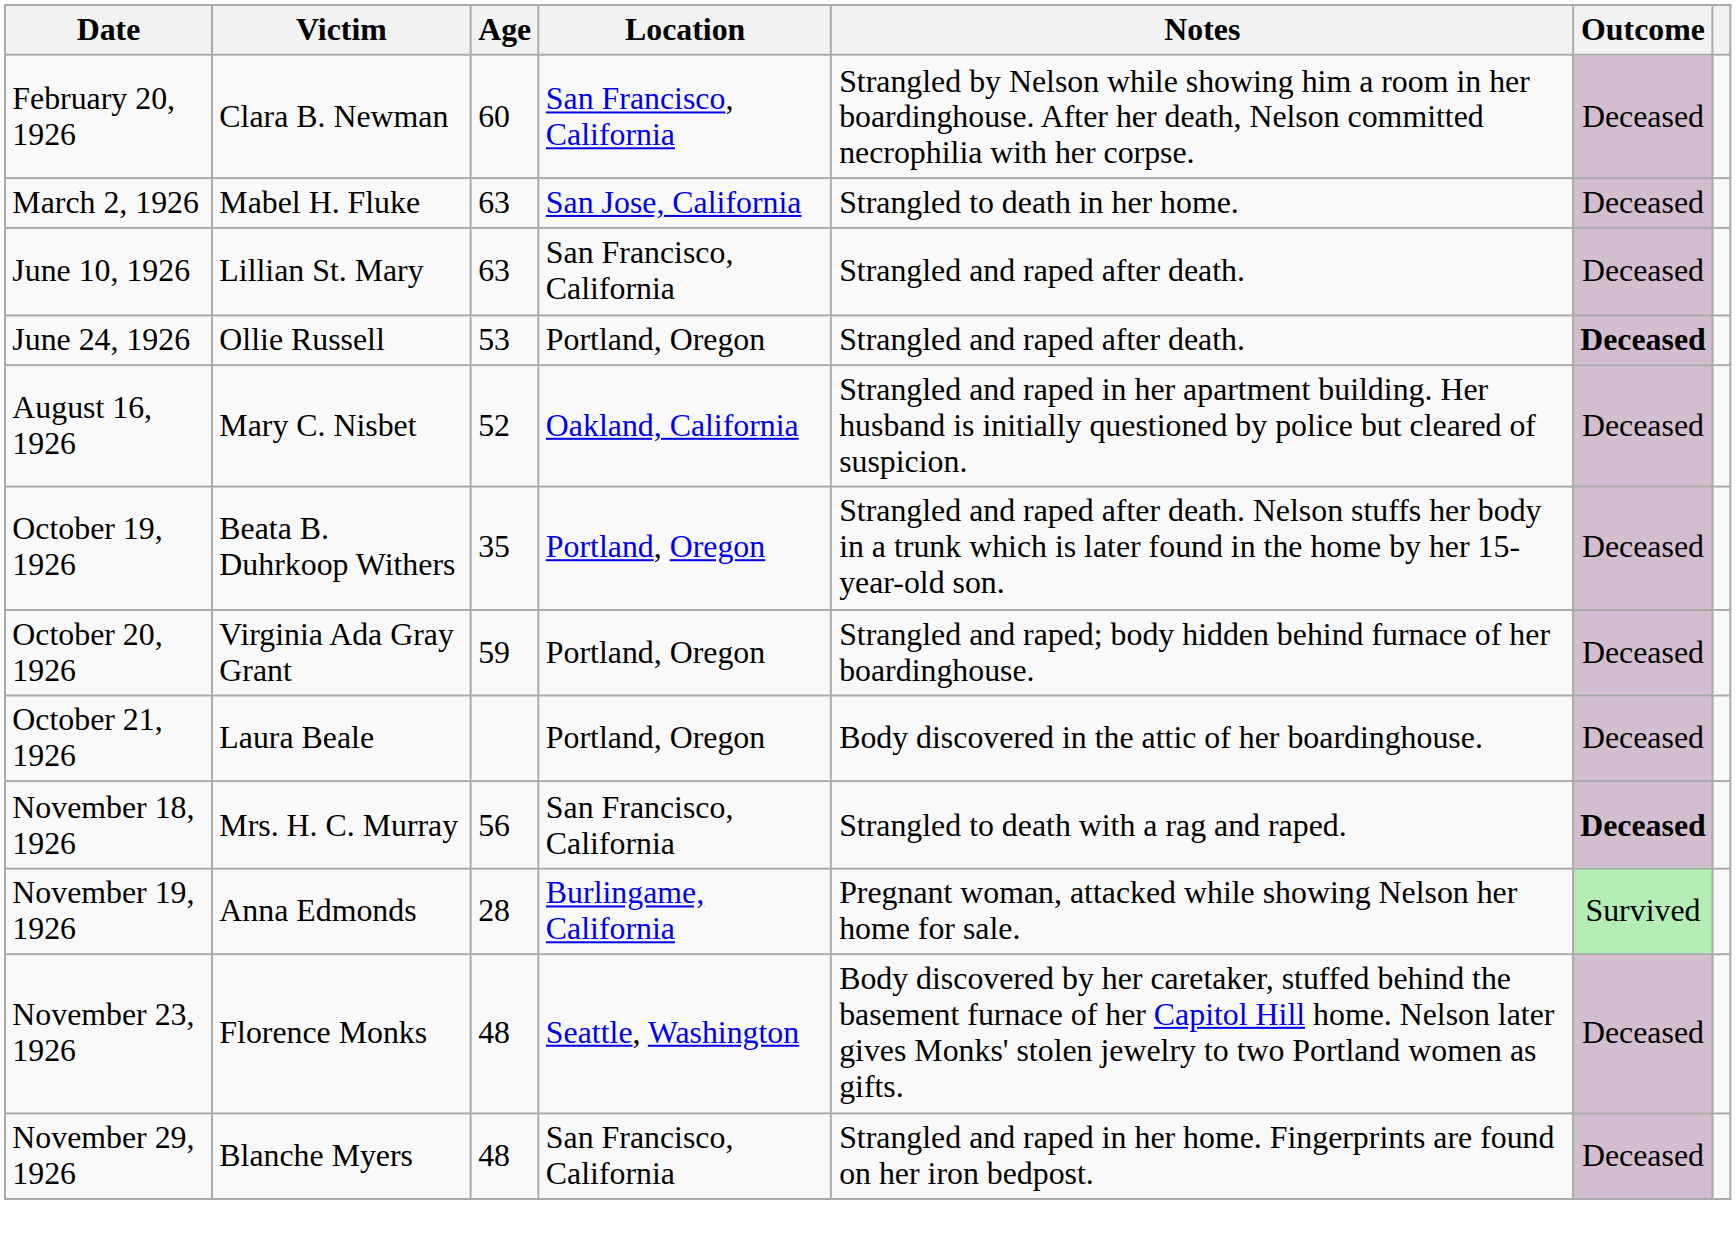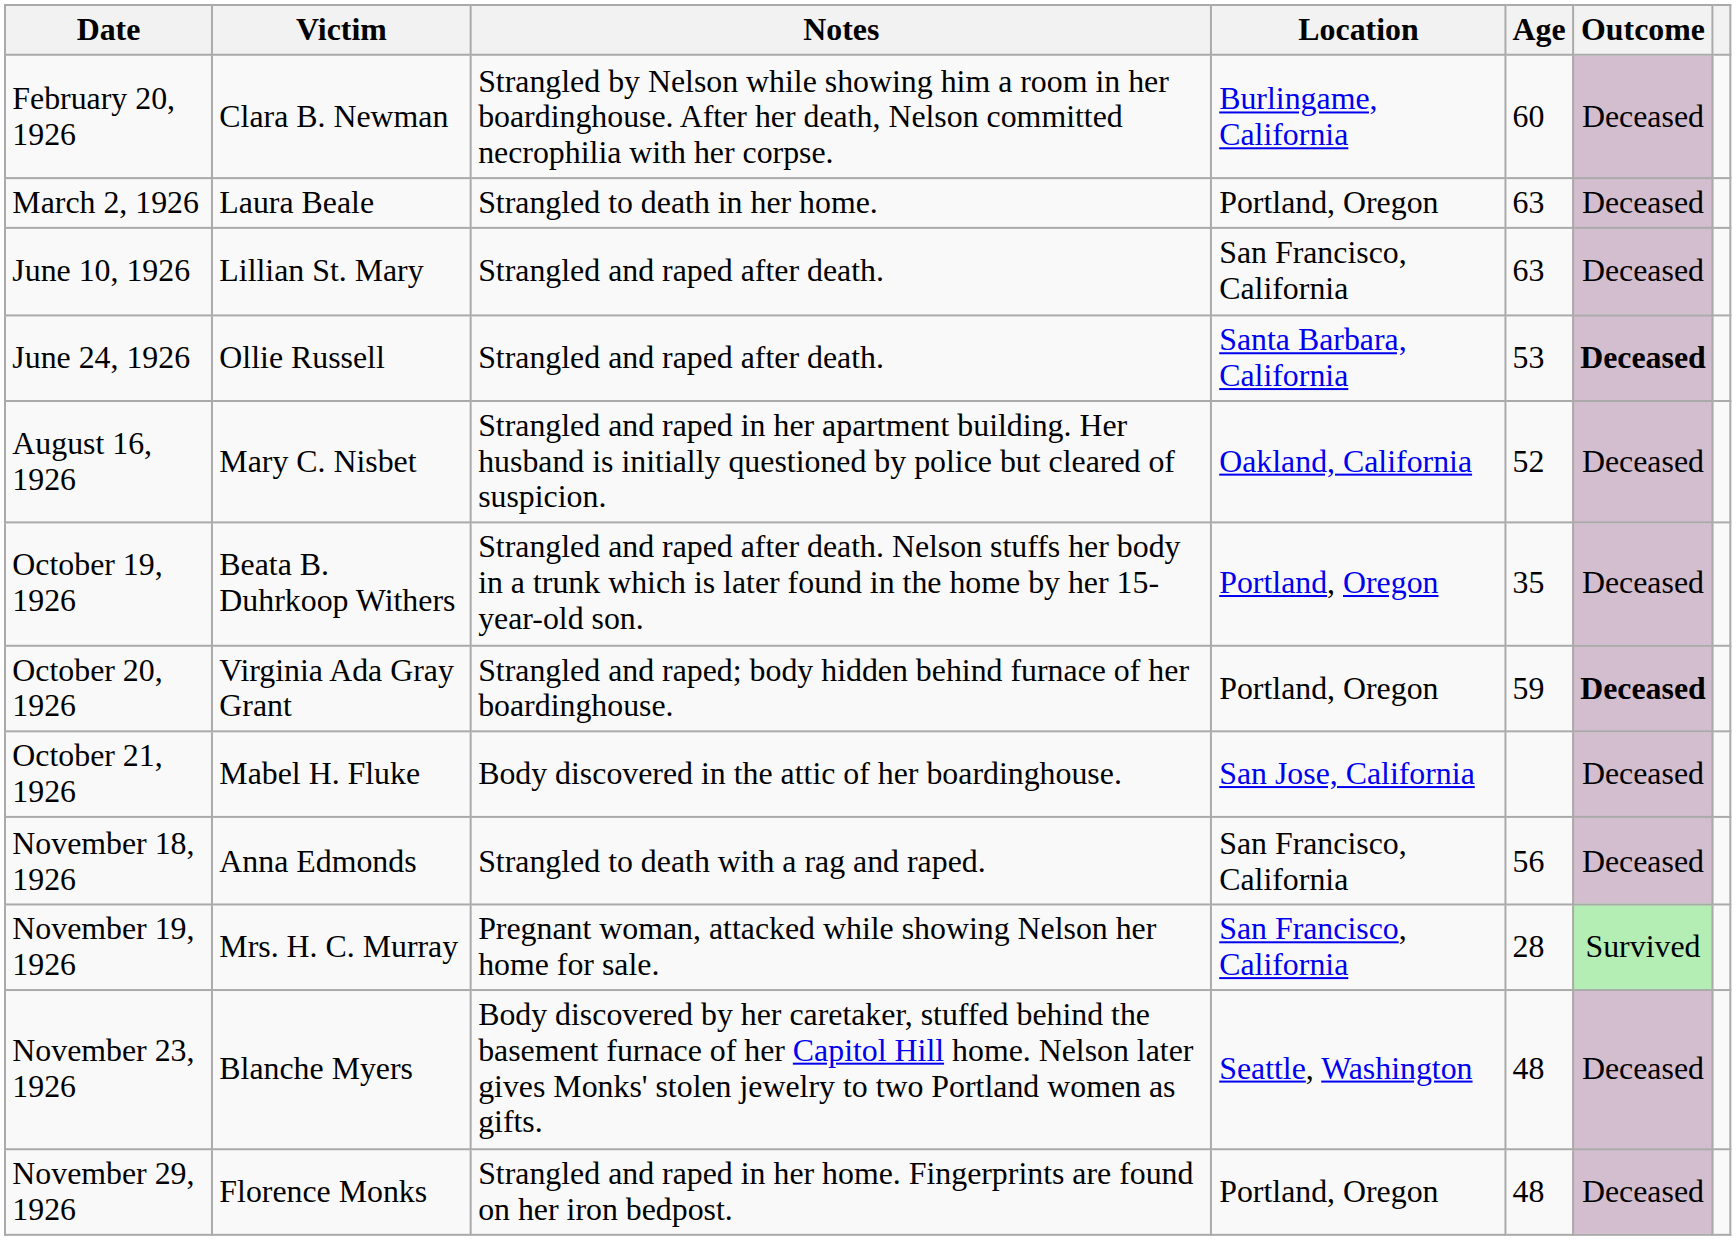 <table class="wikitable sortable">
 <tr>
 <th style="width:12%">Date</th>
 <th style="width:15%">Victim</th>
+<th class="unsortable">Notes</th>
+<th style="width:17%">Location</th>
 <th style="width:1%">Age</th>
-<th style="width:17%">Location</th>
-<th class="unsortable">Notes</th>
 <th style="width:5%">Outcome</th>
 <th class="unsortable" style="width:1%"></th>
 </tr>
 <tr>
 <td>February 20, 1926</td>
 <td>Clara B. Newman</td>
+<td>Strangled by Nelson while showing him a room in her boardinghouse. After her death, Nelson committed necrophilia with her corpse.</td>
+<td><a href='#'>Burlingame, California</a></td>
 <td>60</td>
-<td><a href='#'>San Francisco</a>, <a href='#'>California</a></td>
-<td>Strangled by Nelson while showing him a room in her boardinghouse. After her death, Nelson committed necrophilia with her corpse.</td>
 <td style="background:#D3BECF;" align="center">Deceased</td>
 <td align="center"></td>
 </tr>
 <tr>
 <td>March 2, 1926</td>
-<td>Mabel H. Fluke</td>
+<td>Laura Beale</td>
+<td>Strangled to death in her home.</td>
+<td>Portland, Oregon</td>
 <td>63</td>
-<td><a href='#'>San Jose, California</a></td>
-<td>Strangled to death in her home.</td>
 <td style="background:#D3BECF;" align="center">Deceased</td>
 <td align=center></td>
 </tr>
 <tr>
 <td>June 10, 1926</td>
 <td>Lillian St. Mary</td>
+<td>Strangled and raped after death.</td>
+<td>San Francisco, California</td>
 <td>63</td>
-<td>San Francisco, California</td>
-<td>Strangled and raped after death.</td>
 <td style="background:#D3BECF;" align="center">Deceased</td>
 <td align=center></td>
 </tr>
 <tr>
 <td>June 24, 1926</td>
 <td>Ollie Russell</td>
+<td>Strangled and raped after death.</td>
+<td><a href='#'>Santa Barbara, California</a></td>
 <td>53</td>
-<td>Portland, Oregon</td>
-<td>Strangled and raped after death.</td>
 <td style="background:#D3BECF;" align="center"><strong>Deceased</strong></td>
 <td align="center"></td>
 </tr>
 <tr>
 <td>August 16, 1926</td>
 <td>Mary C. Nisbet</td>
+<td>Strangled and raped in her apartment building. Her husband is initially questioned by police but cleared of suspicion.</td>
+<td><a href='#'>Oakland, California</a></td>
 <td>52</td>
-<td><a href='#'>Oakland, California</a></td>
-<td>Strangled and raped in her apartment building. Her husband is initially questioned by police but cleared of suspicion.</td>
 <td style="background:#D3BECF;" align="center">Deceased</td>
 <td align=center></td>
 </tr>
 <tr>
 <td>October 19, 1926</td>
 <td>Beata B. Duhrkoop Withers</td>
+<td>Strangled and raped after death. Nelson stuffs her body in a trunk which is later found in the home by her 15-year-old son.</td>
+<td><a href='#'>Portland</a>, <a href='#'>Oregon</a></td>
 <td>35</td>
-<td><a href='#'>Portland</a>, <a href='#'>Oregon</a></td>
-<td>Strangled and raped after death. Nelson stuffs her body in a trunk which is later found in the home by her 15-year-old son.</td>
 <td style="background:#D3BECF;" align="center">Deceased</td>
 <td align="center"></td>
 </tr>
 <tr>
 <td>October 20, 1926</td>
 <td>Virginia Ada Gray Grant</td>
+<td>Strangled and raped; body hidden behind furnace of her boardinghouse.</td>
+<td>Portland, Oregon</td>
 <td>59</td>
-<td>Portland, Oregon</td>
-<td>Strangled and raped; body hidden behind furnace of her boardinghouse.</td>
-<td style="background:#D3BECF;" align="center">Deceased</td>
+<td style="background:#D3BECF;" align="center"><strong>Deceased</strong></td>
 <td align=center></td>
 </tr>
 <tr>
 <td>October 21, 1926</td>
-<td>Laura Beale</td>
+<td>Mabel H. Fluke</td>
+<td>Body discovered in the attic of her boardinghouse.</td>
+<td><a href='#'>San Jose, California</a></td>
 <td></td>
-<td>Portland, Oregon</td>
-<td>Body discovered in the attic of her boardinghouse.</td>
 <td style="background:#D3BECF;" align="center">Deceased</td>
 <td align=center></td>
 </tr>
 <tr>
 <td>November 18, 1926</td>
-<td>Mrs. H. C. Murray</td>
+<td>Anna Edmonds</td>
+<td>Strangled to death with a rag and raped.</td>
+<td>San Francisco, California</td>
 <td>56</td>
-<td>San Francisco, California</td>
-<td>Strangled to death with a rag and raped.</td>
-<td style="background:#D3BECF;" align="center"><strong>Deceased</strong></td>
+<td style="background:#D3BECF;" align="center">Deceased</td>
 <td align="center"></td>
 </tr>
 <tr>
 <td>November 19, 1926</td>
-<td>Anna Edmonds</td>
+<td>Mrs. H. C. Murray</td>
+<td>Pregnant woman, attacked while showing Nelson her home for sale.</td>
+<td><a href='#'>San Francisco</a>, <a href='#'>California</a></td>
 <td>28</td>
-<td><a href='#'>Burlingame, California</a></td>
-<td>Pregnant woman, attacked while showing Nelson her home for sale.</td>
 <td style="background:#B4EEB4;" align="center">Survived</td>
 <td align="center"></td>
 </tr>
 <tr>
 <td>November 23, 1926</td>
-<td>Florence Monks</td>
+<td>Blanche Myers</td>
+<td>Body discovered by her caretaker, stuffed behind the basement furnace of her <a href='#'>Capitol Hill</a> home. Nelson later gives Monks' stolen jewelry to two Portland women as gifts.</td>
+<td><a href='#'>Seattle</a>, <a href='#'>Washington</a></td>
 <td>48</td>
-<td><a href='#'>Seattle</a>, <a href='#'>Washington</a></td>
-<td>Body discovered by her caretaker, stuffed behind the basement furnace of her <a href='#'>Capitol Hill</a> home. Nelson later gives Monks' stolen jewelry to two Portland women as gifts.</td>
 <td style="background:#D3BECF;" align="center">Deceased</td>
 <td align="center"></td>
 </tr>
 <tr>
 <td>November 29, 1926</td>
-<td>Blanche Myers</td>
+<td>Florence Monks</td>
+<td>Strangled and raped in her home. Fingerprints are found on her iron bedpost.</td>
+<td>Portland, Oregon</td>
 <td>48</td>
-<td>San Francisco, California</td>
-<td>Strangled and raped in her home. Fingerprints are found on her iron bedpost.</td>
 <td style="background:#D3BECF;" align="center">Deceased</td>
 <td align="center"></td>
 </tr>
 </table>
